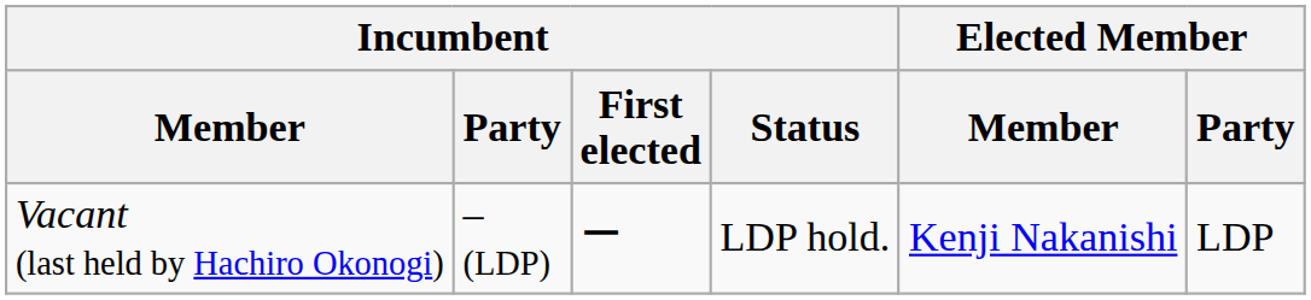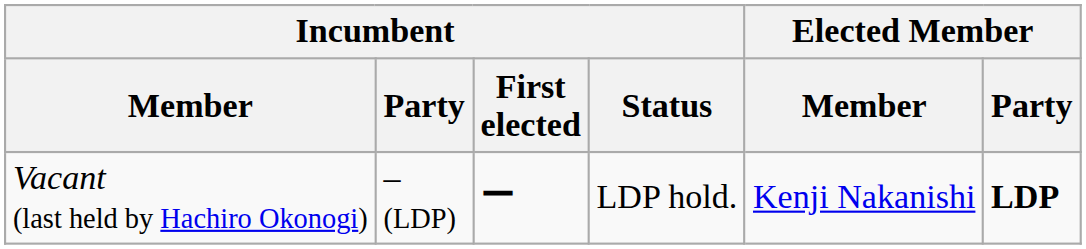 <table class="wikitable sortable">
 <tr>
 <th colspan=4>Incumbent</th>
 <th colspan=2>Elected Member</th>
 </tr>
 <tr>
 <th>Member</th>
 <th>Party</th>
 <th>First<br>elected</th>
 <th>Status</th>
 <th>Member</th>
 <th>Party</th>
 </tr>
 <tr>
 <td><em>Vacant</em><br><small>(last held by <a href='#'>Hachiro Okonogi</a>)</small></td>
 <td>–<br><small>(LDP)</small></td>
-<td>ー</td>
+<td><strong>ー</strong></td>
 <td>LDP hold.</td>
 <td><a href='#'>Kenji Nakanishi</a></td>
-<td>LDP</td>
+<td><strong>LDP</strong></td>
 </tr>
 </table>
